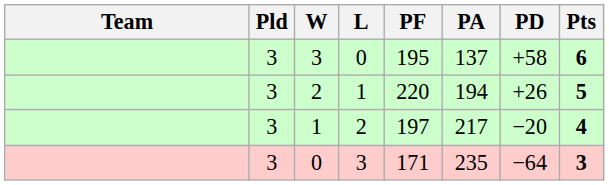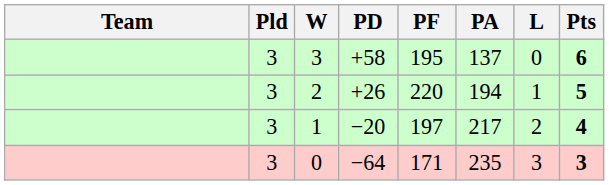 <table class="wikitable" style="text-align:center;">
 <tr>
 <th width=170>Team</th>
 <th width=25>Pld</th>
 <th width=25>W</th>
-<th width=25>L</th>
+<th width=35>PD</th>
 <th width=35>PF</th>
 <th width=35>PA</th>
-<th width=35>PD</th>
+<th width=25>L</th>
 <th width=25>Pts</th>
 </tr>
 <tr style="background: #ccffcc;">
 <td align="left"></td>
 <td>3</td>
 <td>3</td>
-<td>0</td>
+<td>+58</td>
 <td>195</td>
 <td>137</td>
-<td>+58</td>
+<td>0</td>
 <td><strong>6</strong></td>
 </tr>
 <tr style="background: #ccffcc;">
 <td align="left"></td>
 <td>3</td>
 <td>2</td>
-<td>1</td>
+<td>+26</td>
 <td>220</td>
 <td>194</td>
-<td>+26</td>
+<td>1</td>
 <td><strong>5</strong></td>
 </tr>
 <tr style="background: #ccffcc;">
 <td align="left"></td>
 <td>3</td>
 <td>1</td>
-<td>2</td>
+<td>−20</td>
 <td>197</td>
 <td>217</td>
-<td>−20</td>
+<td>2</td>
 <td><strong>4</strong></td>
 </tr>
 <tr style="background: #ffcccc;">
 <td align="left"></td>
 <td>3</td>
 <td>0</td>
-<td>3</td>
+<td>−64</td>
 <td>171</td>
 <td>235</td>
-<td>−64</td>
+<td>3</td>
 <td><strong>3</strong></td>
 </tr>
 </table>
